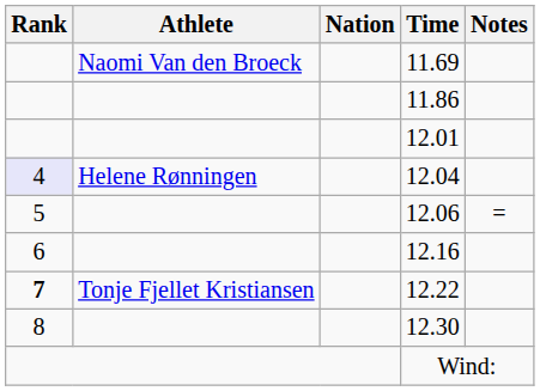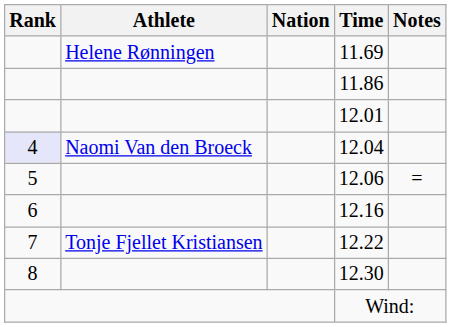 <table class="wikitable sortable" style="text-align:center;">
 <tr>
 <th scope="col" style="width: 10px;">Rank</th>
 <th scope="col">Athlete</th>
 <th scope="col">Nation</th>
 <th scope="col">Time</th>
 <th scope="col">Notes</th>
 </tr>
 <tr>
 <td></td>
-<td align=left><a href='#'>Naomi Van den Broeck</a></td>
+<td align=left><a href='#'>Helene Rønningen</a></td>
 <td align=left></td>
 <td>11.69</td>
 <td></td>
 </tr>
 <tr>
 <td></td>
 <td align=left></td>
 <td align=left></td>
 <td>11.86</td>
 <td></td>
 </tr>
 <tr>
 <td></td>
 <td align=left></td>
 <td align=left></td>
 <td>12.01</td>
 <td></td>
 </tr>
 <tr>
 <td style="background: lavender;">4</td>
-<td align=left><a href='#'>Helene Rønningen</a></td>
+<td align=left><a href='#'>Naomi Van den Broeck</a></td>
 <td align=left></td>
 <td>12.04</td>
 <td></td>
 </tr>
 <tr>
 <td>5</td>
 <td align=left></td>
 <td align=left></td>
 <td>12.06</td>
 <td>=</td>
 </tr>
 <tr>
 <td>6</td>
 <td align=left></td>
 <td align=left></td>
 <td>12.16</td>
 <td></td>
 </tr>
 <tr>
-<td><strong>7</strong></td>
+<td>7</td>
 <td align=left><a href='#'>Tonje Fjellet Kristiansen</a></td>
 <td align=left></td>
 <td>12.22</td>
 <td></td>
 </tr>
 <tr>
 <td>8</td>
 <td align=left></td>
 <td align=left></td>
 <td>12.30</td>
 <td></td>
 </tr>
 <tr class="sortbottom">
 <td colspan="3"></td>
 <td colspan="2">Wind: </td>
 </tr>
 </table>
